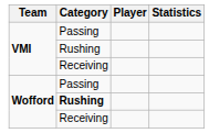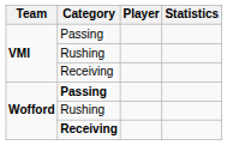 <table class="wikitable" style="float: right;">
 <tr>
 <th>Team</th>
 <th>Category</th>
 <th>Player</th>
 <th>Statistics</th>
 </tr>
 <tr>
 <td rowspan=3><strong>VMI</strong></td>
 <td>Passing</td>
 <td></td>
 <td></td>
 </tr>
 <tr>
 <td>Rushing</td>
 <td></td>
 <td></td>
 </tr>
 <tr>
 <td>Receiving</td>
 <td></td>
 <td></td>
 </tr>
 <tr>
 <td rowspan=3><strong>Wofford</strong></td>
-<td>Passing</td>
+<td><strong>Passing</strong></td>
 <td></td>
 <td></td>
 </tr>
 <tr>
-<td><strong>Rushing</strong></td>
+<td>Rushing</td>
 <td></td>
 <td></td>
 </tr>
 <tr>
-<td>Receiving</td>
+<td><strong>Receiving</strong></td>
 <td></td>
 <td></td>
 </tr>
 </table>
